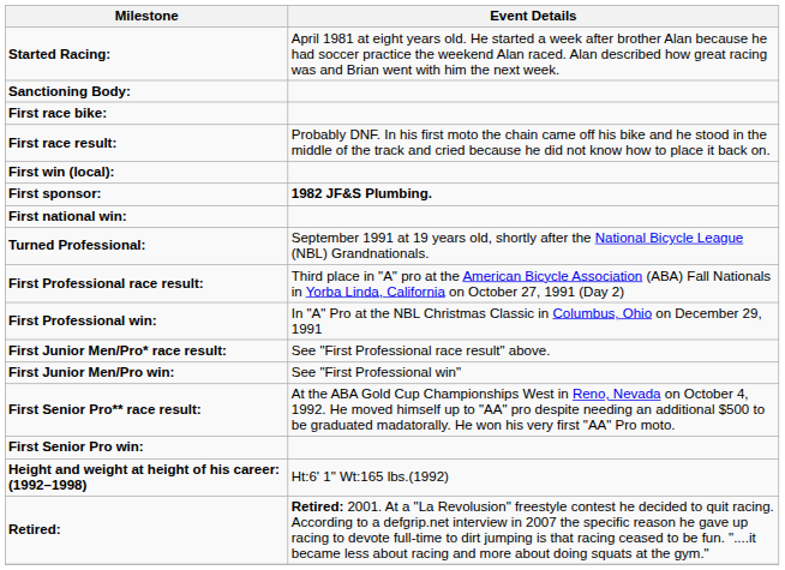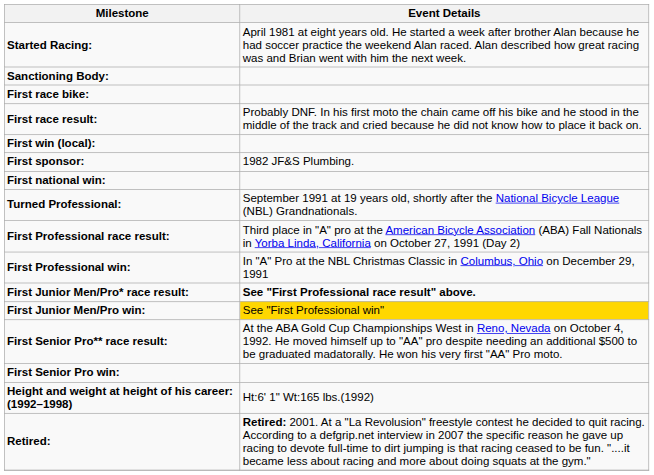 <table class="sortable wikitable">
 <tr>
 <th style="width:20em">Milestone</th>
 <th style="width:35em">Event Details</th>
 </tr>
 <tr>
 <td><strong>Started Racing:</strong></td>
 <td>April 1981 at eight years old. He started a week after brother Alan because he had soccer practice the weekend Alan raced. Alan described how great racing was and Brian went with him the next week.</td>
 </tr>
 <tr>
 <td><strong>Sanctioning Body:</strong></td>
 <td></td>
 </tr>
 <tr>
 <td><strong>First race bike:</strong></td>
 <td></td>
 </tr>
 <tr>
 <td><strong>First race result:</strong></td>
 <td>Probably DNF. In his first moto the chain came off his bike and he stood in the middle of the track and cried because he did not know how to place it back on.</td>
 </tr>
 <tr>
 <td><strong>First win (local):</strong></td>
 <td></td>
 </tr>
 <tr>
 <td><strong>First sponsor:</strong></td>
-<td><strong>1982 JF&S Plumbing.</strong></td>
+<td>1982 JF&S Plumbing.</td>
 </tr>
 <tr>
 <td><strong>First national win:</strong></td>
 <td></td>
 </tr>
 <tr>
 <td><strong>Turned Professional:</strong></td>
 <td>September 1991 at 19 years old, shortly after the <a href='#'>National Bicycle League</a> (NBL) Grandnationals.</td>
 </tr>
 <tr>
 <td><strong>First Professional race result:</strong></td>
 <td>Third place in "A" pro at the <a href='#'>American Bicycle Association</a> (ABA) Fall Nationals in <a href='#'>Yorba Linda, California</a> on October 27, 1991 (Day 2)</td>
 </tr>
 <tr>
 <td><strong>First Professional win:</strong></td>
 <td>In "A" Pro at the NBL Christmas Classic in <a href='#'>Columbus, Ohio</a> on December 29, 1991</td>
 </tr>
 <tr>
 <td><strong>First Junior Men/Pro* race result:</strong></td>
-<td>See "First Professional race result" above.</td>
+<td><strong>See "First Professional race result" above.</strong></td>
 </tr>
 <tr>
 <td><strong>First Junior Men/Pro win:</strong></td>
-<td>See "First Professional win"</td>
+<td style="background: gold;">See "First Professional win"</td>
 </tr>
 <tr>
 <td><strong>First Senior Pro** race result:</strong></td>
 <td>At the ABA Gold Cup Championships West in <a href='#'>Reno, Nevada</a> on October 4, 1992. He moved himself up to "AA" pro despite needing an additional $500 to be graduated madatorally. He won his very first "AA" Pro moto.</td>
 </tr>
 <tr>
 <td><strong>First Senior Pro win:</strong></td>
 <td></td>
 </tr>
 <tr>
 <td><strong>Height and weight at height of his career: (1992–1998)</strong></td>
 <td>Ht:6' 1" Wt:165 lbs.(1992)</td>
 </tr>
 <tr>
 <td><strong>Retired:</strong></td>
 <td><strong>Retired:</strong> 2001. At a "La Revolusion" freestyle contest he decided to quit racing. According to a defgrip.net interview in 2007 the specific reason he gave up racing to devote full-time to dirt jumping is that racing ceased to be fun. "....it became less about racing and more about doing squats at the gym."</td>
 </tr>
 <tr>
 </tr>
 </table>
